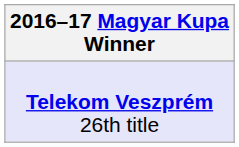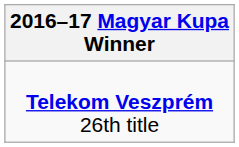 <table class=wikitable style="text-align:center; margin:auto">
 <tr>
 <th>2016–17 <a href='#'>Magyar Kupa</a><br>Winner</th>
 </tr>
 <tr>
-<td align=center style="background: lavender;"><br><strong><a href='#'>Telekom Veszprém</a></strong><br>26th title</td>
+<td align=center><br><strong><a href='#'>Telekom Veszprém</a></strong><br>26th title</td>
 </tr>
 </table>
